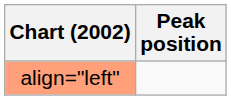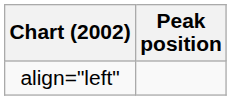 <table class="wikitable sortable" style="text-align:center;" border="1">
 <tr>
 <th scope="col">Chart (2002)</th>
 <th scope="col">Peak<br>position</th>
 </tr>
 <tr>
-<td style="background: lightsalmon;">align="left" </td>
+<td>align="left" </td>
 </tr>
 </table>
